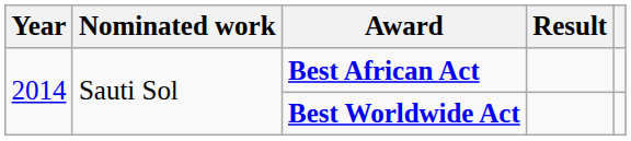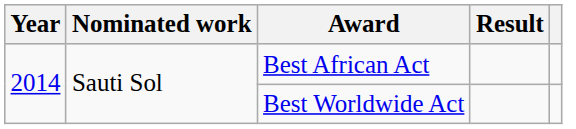 <table class ="wikitable">
 <tr>
 <th>Year</th>
 <th>Nominated work</th>
 <th>Award</th>
 <th>Result</th>
 <th></th>
 </tr>
 <tr>
 <td rowspan="2"><a href='#'>2014</a></td>
 <td rowspan="2">Sauti Sol</td>
-<td><strong><a href='#'>Best African Act</a></strong></td>
+<td><a href='#'>Best African Act</a></td>
 <td></td>
 <td></td>
 </tr>
 <tr>
-<td><strong><a href='#'>Best Worldwide Act</a></strong></td>
+<td><a href='#'>Best Worldwide Act</a></td>
 <td></td>
 <td></td>
 </tr>
 </table>
